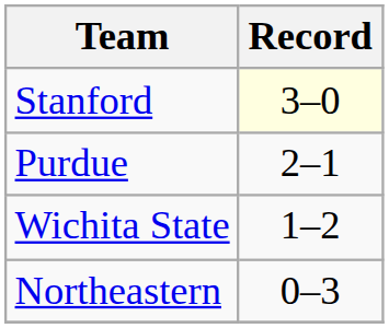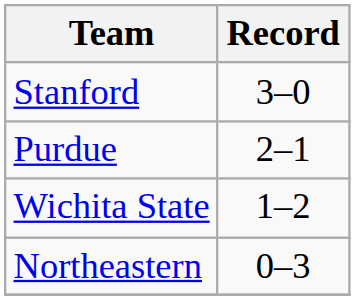 <table class="wikitable" style="text-align:center">
 <tr>
 <th>Team</th>
 <th>Record</th>
 </tr>
 <tr>
 <td align=left><a href='#'>Stanford</a></td>
-<td style="background: lightyellow;">3–0</td>
+<td>3–0</td>
 </tr>
 <tr>
 <td align=left><a href='#'>Purdue</a></td>
 <td>2–1</td>
 </tr>
 <tr>
 <td align=left><a href='#'>Wichita State</a></td>
 <td>1–2</td>
 </tr>
 <tr>
 <td align=left><a href='#'>Northeastern</a></td>
 <td>0–3</td>
 </tr>
 <tr>
 </tr>
 </table>
